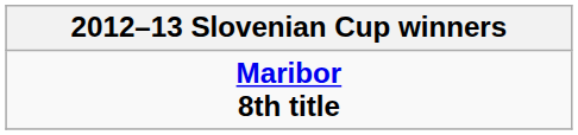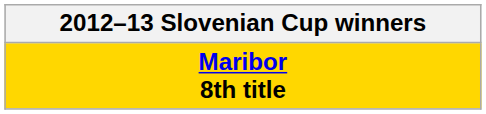 <table class="wikitable" style="text-align: center; margin: 0 auto; width: 20%">
 <tr>
 <th>2012–13 Slovenian Cup winners</th>
 </tr>
 <tr>
-<td><strong><a href='#'>Maribor</a></strong><br><strong>8th title</strong></td>
+<td style="background: gold;"><strong><a href='#'>Maribor</a></strong><br><strong>8th title</strong></td>
 </tr>
 </table>
